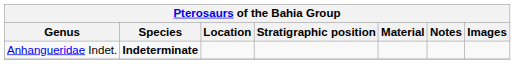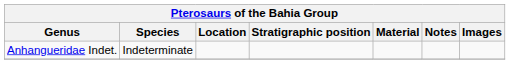 <table class="wikitable" align="center">
 <tr>
 <th colspan="7" align="center"><a href='#'>Pterosaurs</a> of the Bahia Group</th>
 </tr>
 <tr>
 <th>Genus</th>
 <th>Species</th>
 <th>Location</th>
 <th>Stratigraphic position</th>
 <th>Material</th>
 <th>Notes</th>
 <th>Images</th>
 </tr>
 <tr>
 <td><a href='#'>Anhangueridae</a> Indet.</td>
-<td><strong>Indeterminate</strong></td>
+<td>Indeterminate</td>
 <td></td>
 <td></td>
 <td></td>
 <td></td>
 <td></td>
 </tr>
 <tr>
 </tr>
 </table>
